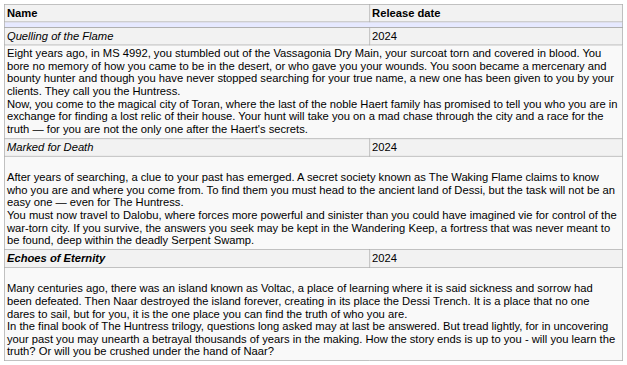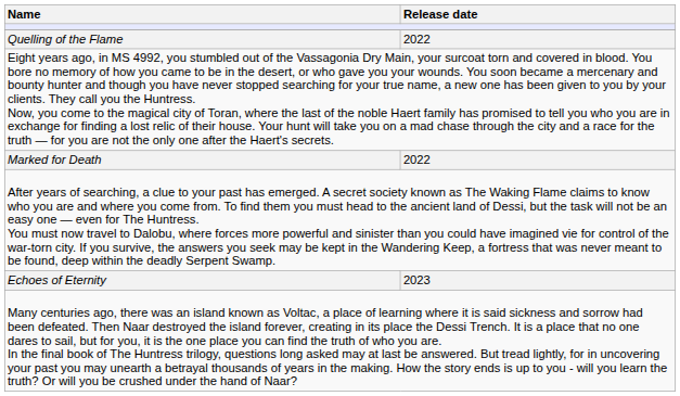 <table class="wikitable" width="100%">
 <tr>
 <th style="text-align:left;">Name</th>
 <th style="text-align:left;">Release date</th>
 </tr>
 <tr>
 <td colspan="2" bgcolor="#e6e9ff"></td>
 </tr>
 <tr>
 </tr>
 <tr bgcolor="#F2F2F2" align="left">
 <td><em>Quelling of the Flame</em></td>
-<td>2024</td>
+<td>2022</td>
 </tr>
 <tr>
 <td colspan="2" style="border: none; vertical-align: top;">Eight years ago, in MS 4992, you stumbled out of the Vassagonia Dry Main, your surcoat torn and covered in blood. You bore no memory of how you came to be in the desert, or who gave you your wounds. You soon became a mercenary and bounty hunter and though you have never stopped searching for your true name, a new one has been given to you by your clients. They call you the Huntress.<br>Now, you come to the magical city of Toran, where the last of the noble Haert family has promised to tell you who you are in exchange for finding a lost relic of their house. Your hunt will take you on a mad chase through the city and a race for the truth — for you are not the only one after the Haert's secrets.</td>
 </tr>
 <tr bgcolor="#F2F2F2" align="left">
 <td><em>Marked for Death</em></td>
-<td>2024</td>
+<td>2022</td>
 </tr>
 <tr>
 <td colspan="2" style="border: none; vertical-align: top;"><br>After years of searching, a clue to your past has emerged. A secret society known as The Waking Flame claims to know who you are and where you come from. To find them you must head to the ancient land of Dessi, but the task will not be an easy one — even for The Huntress.<br>You must now travel to Dalobu, where forces more powerful and sinister than you could have imagined vie for control of the war-torn city. If you survive, the answers you seek may be kept in the Wandering Keep, a fortress that was never meant to be found, deep within the deadly Serpent Swamp.</td>
 </tr>
 <tr bgcolor="#F2F2F2" align="left">
-<td><strong><em>Echoes of Eternity</em></strong></td>
-<td>2024</td>
+<td><em>Echoes of Eternity</em></td>
+<td>2023</td>
 </tr>
 <tr>
 <td colspan="2" style="border: none; vertical-align: top;"><br>Many centuries ago, there was an island known as Voltac, a place of learning where it is said sickness and sorrow had been defeated. Then Naar destroyed the island forever, creating in its place the Dessi Trench. It is a place that no one dares to sail, but for you, it is the one place you can find the truth of who you are.<br>In the final book of The Huntress trilogy, questions long asked may at last be answered. But tread lightly, for in uncovering your past you may unearth a betrayal thousands of years in the making. How the story ends is up to you - will you learn the truth? Or will you be crushed under the hand of Naar?</td>
 </tr>
 </table>
